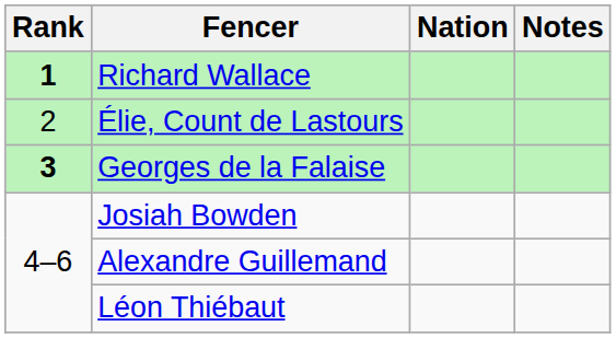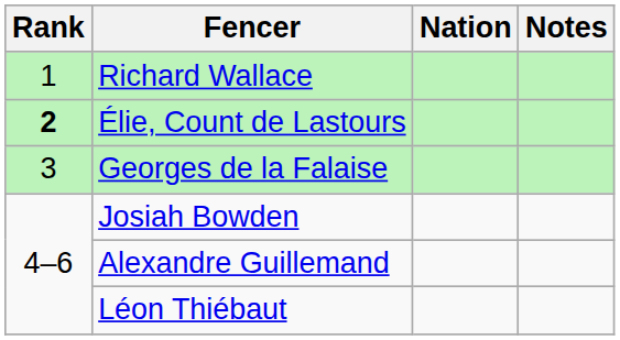 <table class="wikitable sortable" style="text-align:center">
 <tr>
 <th>Rank</th>
 <th>Fencer</th>
 <th>Nation</th>
 <th>Notes</th>
 </tr>
 <tr bgcolor=bbf3bb>
-<td><strong>1</strong></td>
+<td>1</td>
 <td align=left><a href='#'>Richard Wallace</a></td>
 <td align=left></td>
 <td></td>
 </tr>
 <tr bgcolor=bbf3bb>
-<td>2</td>
+<td><strong>2</strong></td>
 <td align=left><a href='#'>Élie, Count de Lastours</a></td>
 <td align=left></td>
 <td></td>
 </tr>
 <tr bgcolor=bbf3bb>
-<td><strong>3</strong></td>
+<td>3</td>
 <td align=left><a href='#'>Georges de la Falaise</a></td>
 <td align=left></td>
 <td></td>
 </tr>
 <tr>
 <td rowspan=3 align=center>4–6</td>
 <td align=left><a href='#'>Josiah Bowden</a></td>
 <td align=left></td>
 <td></td>
 </tr>
 <tr>
 <td align=left><a href='#'>Alexandre Guillemand</a></td>
 <td align=left></td>
 <td></td>
 </tr>
 <tr>
 <td align=left><a href='#'>Léon Thiébaut</a></td>
 <td align=left></td>
 <td></td>
 </tr>
 </table>
